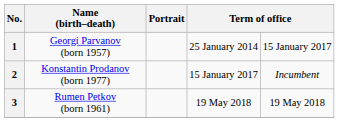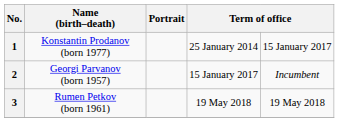 <table class="wikitable" style="text-align:center">
 <tr>
 <th>No.</th>
 <th width=180>Name<br>(birth–death)</th>
 <th>Portrait</th>
 <th colspan=2>Term of office</th>
 </tr>
 <tr>
 <th style="background:">1</th>
-<td><a href='#'>Georgi Parvanov</a><br>(born 1957)</td>
+<td><a href='#'>Konstantin Prodanov</a><br>(born 1977)</td>
 <td></td>
 <td>25 January 2014</td>
 <td>15 January 2017</td>
 </tr>
 <tr>
 <th style="background:">2</th>
-<td><a href='#'>Konstantin Prodanov</a><br>(born 1977)</td>
+<td><a href='#'>Georgi Parvanov</a><br>(born 1957)</td>
 <td></td>
 <td>15 January 2017</td>
 <td><em>Incumbent</em></td>
 </tr>
 <tr>
 <th style="background:">3</th>
 <td><a href='#'>Rumen Petkov</a><br>(born 1961)</td>
 <td></td>
 <td>19 May 2018</td>
 <td>19 May 2018</td>
 </tr>
 <tr>
 </tr>
 </table>
